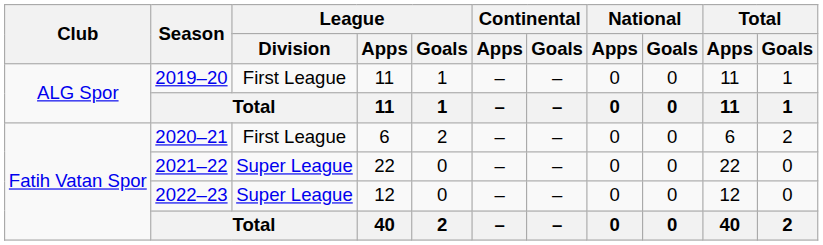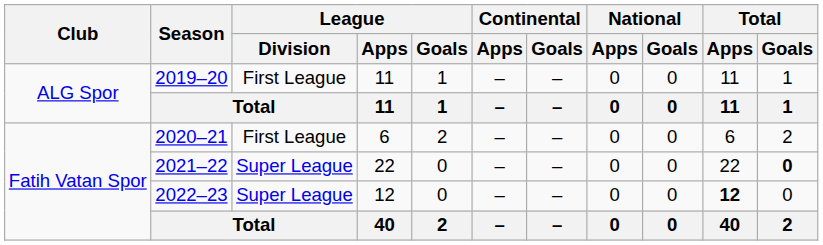 <table class="wikitable" style="text-align: center;">
 <tr>
 <th rowspan=2>Club</th>
 <th rowspan=2>Season</th>
 <th colspan=3>League</th>
 <th colspan=2>Continental</th>
 <th colspan=2>National</th>
 <th colspan=2>Total</th>
 </tr>
 <tr>
 <th>Division</th>
 <th>Apps</th>
 <th>Goals</th>
 <th>Apps</th>
 <th>Goals</th>
 <th>Apps</th>
 <th>Goals</th>
 <th>Apps</th>
 <th>Goals</th>
 </tr>
 <tr>
 <td rowspan=2><a href='#'>ALG Spor</a></td>
 <td><a href='#'>2019–20</a></td>
 <td>First League</td>
 <td>11</td>
 <td>1</td>
 <td>–</td>
 <td>–</td>
 <td>0</td>
 <td>0</td>
 <td>11</td>
 <td>1</td>
 </tr>
 <tr>
 <th colspan=2>Total</th>
 <th>11</th>
 <th>1</th>
 <th>–</th>
 <th>–</th>
 <th>0</th>
 <th>0</th>
 <th>11</th>
 <th>1</th>
 </tr>
 <tr>
 <td rowspan=4><a href='#'>Fatih Vatan Spor</a></td>
 <td><a href='#'>2020–21</a></td>
 <td>First League</td>
 <td>6</td>
 <td>2</td>
 <td>–</td>
 <td>–</td>
 <td>0</td>
 <td>0</td>
 <td>6</td>
 <td>2</td>
 </tr>
 <tr>
 <td><a href='#'>2021–22</a></td>
 <td><a href='#'>Super League</a></td>
 <td>22</td>
 <td>0</td>
 <td>–</td>
 <td>–</td>
 <td>0</td>
 <td>0</td>
 <td>22</td>
-<td>0</td>
+<td><strong>0</strong></td>
 </tr>
 <tr>
 <td><a href='#'>2022–23</a></td>
 <td><a href='#'>Super League</a></td>
 <td>12</td>
 <td>0</td>
 <td>–</td>
 <td>–</td>
 <td>0</td>
 <td>0</td>
-<td>12</td>
+<td><strong>12</strong></td>
 <td>0</td>
 </tr>
 <tr>
 <th colspan=2>Total</th>
 <th>40</th>
 <th>2</th>
 <th>–</th>
 <th>–</th>
 <th>0</th>
 <th>0</th>
 <th>40</th>
 <th>2</th>
 </tr>
 </table>
